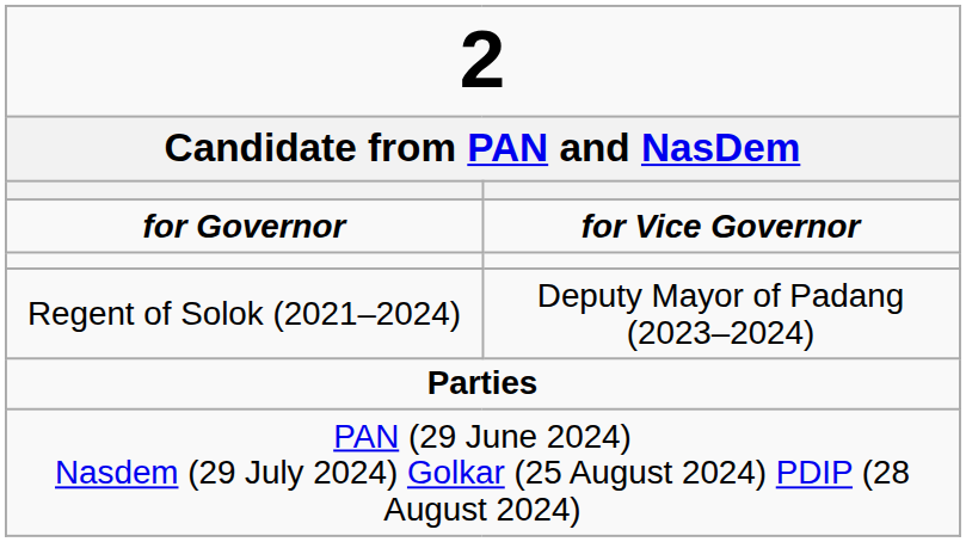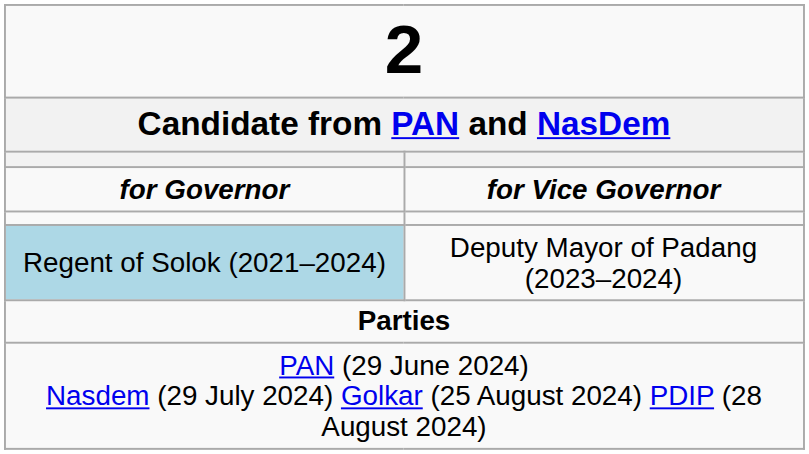 <table class="wikitable" style="font-size:90%; text-align:center;">
 <tr>
 <td colspan=2><big><big><big><big><big><strong>2</strong></big></big></big></big></big></td>
 </tr>
 <tr>
 <th colspan=2><big>Candidate from <a href='#'>PAN</a> and <a href='#'>NasDem</a></big></th>
 </tr>
 <tr>
 <th style="width:3em; font-size:135%; background:#"></th>
 <th style="width:3em; font-size:135%; background:#"></th>
 </tr>
 <tr style="color:#000; font-size:100%; background:#">
 <td style="width:3em; width:200px;"><strong><em>for Governor</em></strong></td>
 <td style="width:3em; width:200px;"><strong><em>for Vice Governor</em></strong></td>
 </tr>
 <tr>
 <td></td>
 <td></td>
 </tr>
 <tr>
-<td>Regent of Solok (2021–2024)</td>
+<td style="background: lightblue;">Regent of Solok (2021–2024)</td>
 <td>Deputy Mayor of Padang (2023–2024)</td>
 </tr>
 <tr>
 <td colspan=2 style="background:#"><strong>Parties</strong></td>
 </tr>
 <tr>
 <td colspan="2"> <a href='#'>PAN</a> (29 June 2024)<br> <a href='#'>Nasdem</a> (29 July 2024) <a href='#'>Golkar</a> (25 August 2024) <a href='#'>PDIP</a> (28 August 2024)</td>
 </tr>
 </table>
